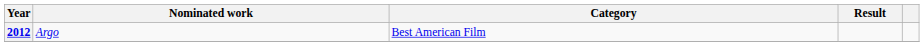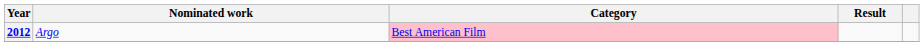 <table class=wikitable>
 <tr>
 <th scope="col" style="width:1em;">Year</th>
 <th scope="col" style="width:30em;">Nominated work</th>
 <th scope="col" style="width:38em;">Category</th>
 <th scope="col" style="width:5em;">Result</th>
 <th scope="col" style="width:1em;"></th>
 </tr>
 <tr>
 <th scope="row"><a href='#'>2012</a></th>
 <td><em><a href='#'>Argo</a></em></td>
-<td><a href='#'>Best American Film</a></td>
+<td style="background: pink;"><a href='#'>Best American Film</a></td>
 <td></td>
 <td style="text-align:center;"></td>
 </tr>
 <tr>
 </tr>
 </table>
